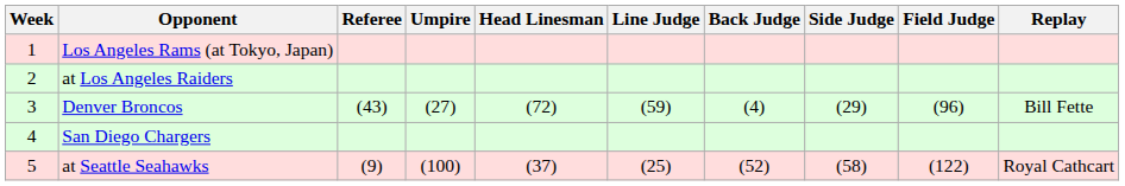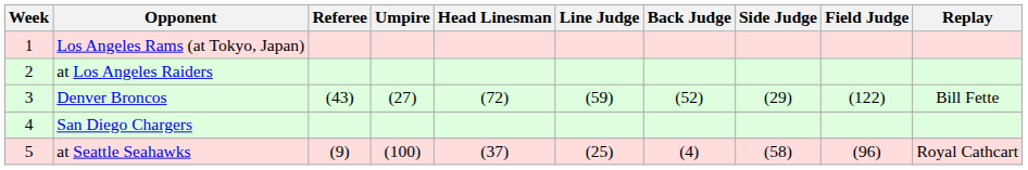 <table class="wikitable">
 <tr>
 <th>Week</th>
 <th>Opponent</th>
 <th>Referee</th>
 <th>Umpire</th>
 <th>Head Linesman</th>
 <th>Line Judge</th>
 <th>Back Judge</th>
 <th>Side Judge</th>
 <th>Field Judge</th>
 <th>Replay</th>
 </tr>
 <tr style="background: #ffdddd; text-align: center">
 <td>1</td>
 <td style="text-align: left;"><a href='#'>Los Angeles Rams</a> (at Tokyo, Japan)</td>
 <td></td>
 <td></td>
 <td></td>
 <td></td>
 <td></td>
 <td></td>
 <td></td>
 <td></td>
 </tr>
 <tr style="background: #ddffdd; text-align: center">
 <td>2</td>
 <td style="text-align: left;">at <a href='#'>Los Angeles Raiders</a></td>
 <td></td>
 <td></td>
 <td></td>
 <td></td>
 <td></td>
 <td></td>
 <td></td>
 <td></td>
 </tr>
 <tr style="background: #ddffdd; text-align: center">
 <td>3</td>
 <td style="text-align: left;"><a href='#'>Denver Broncos</a></td>
 <td>(43)</td>
 <td>(27)</td>
 <td>(72)</td>
 <td>(59)</td>
-<td>(4)</td>
+<td>(52)</td>
 <td>(29)</td>
-<td>(96)</td>
+<td>(122)</td>
 <td>Bill Fette</td>
 </tr>
 <tr style="background: #ddffdd; text-align: center">
 <td>4</td>
 <td style="text-align: left;"><a href='#'>San Diego Chargers</a></td>
 <td></td>
 <td></td>
 <td></td>
 <td></td>
 <td></td>
 <td></td>
 <td></td>
 <td></td>
 </tr>
 <tr style="background: #ffdddd; text-align: center">
 <td>5</td>
 <td style="text-align: left;">at <a href='#'>Seattle Seahawks</a></td>
 <td>(9)</td>
 <td>(100)</td>
 <td>(37)</td>
 <td>(25)</td>
-<td>(52)</td>
+<td>(4)</td>
 <td>(58)</td>
-<td>(122)</td>
+<td>(96)</td>
 <td>Royal Cathcart</td>
 </tr>
 </table>
